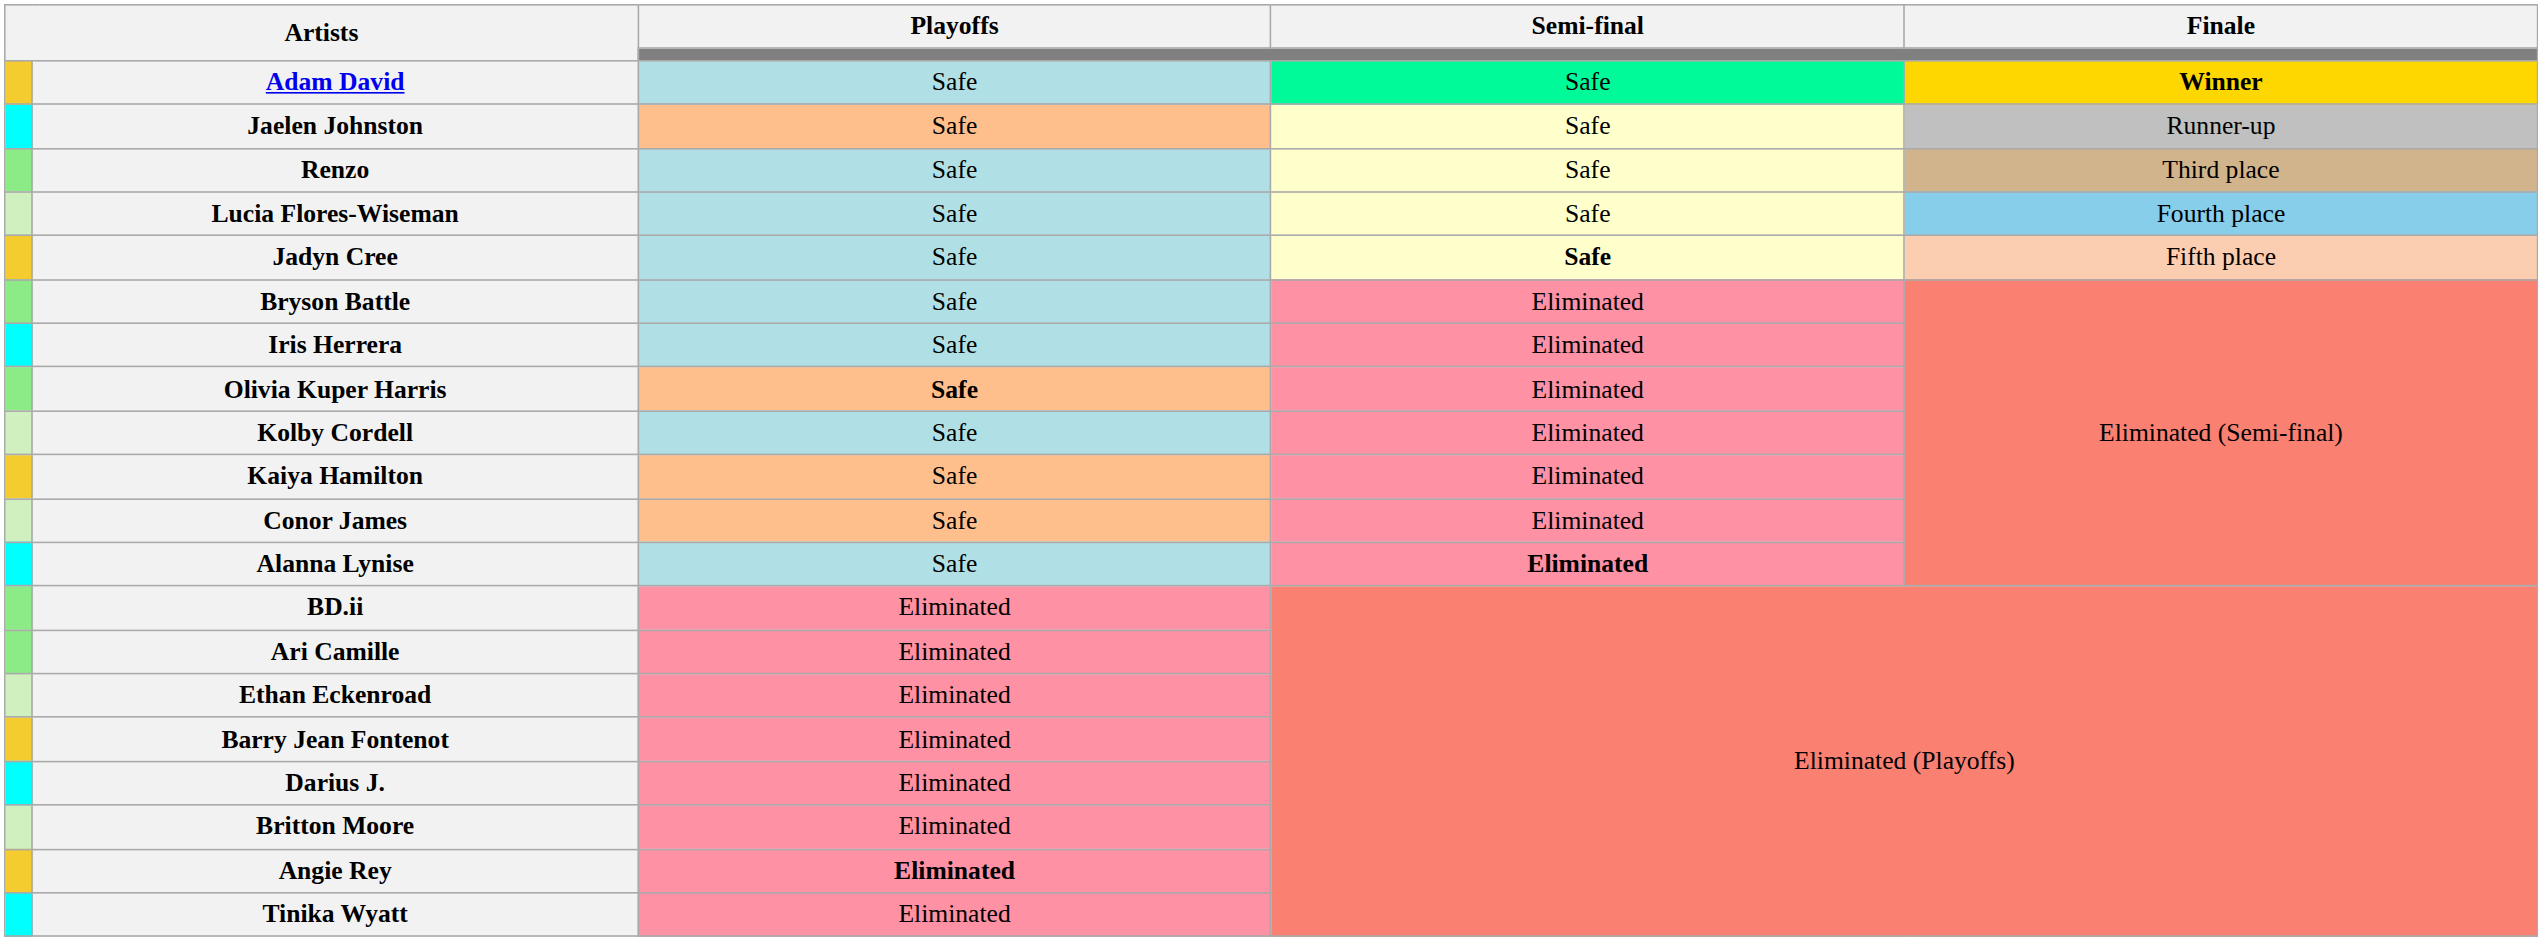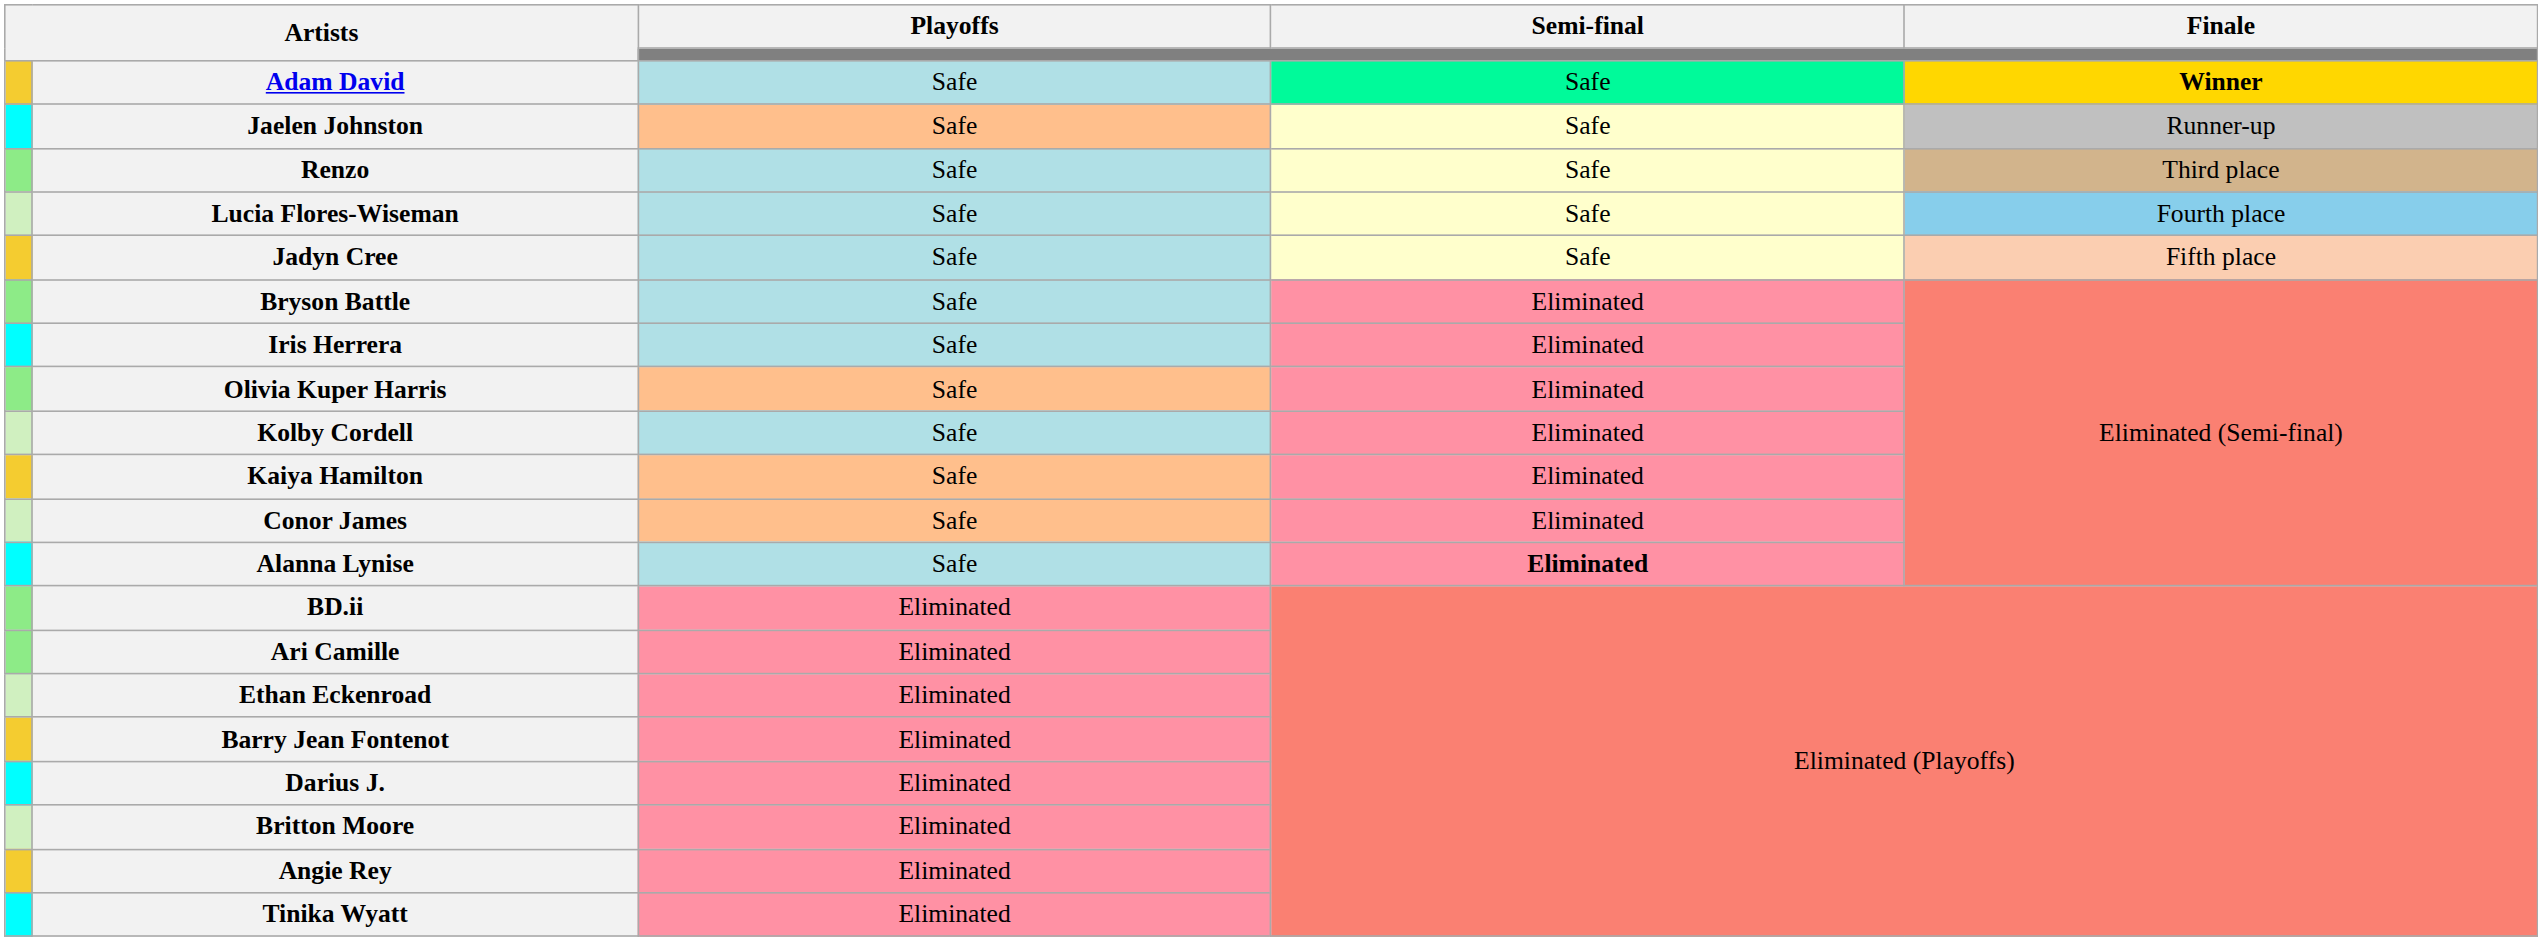 <table class="wikitable" style="text-align:center; line-height:20px; width:100%">
 <tr>
 <th colspan="2" rowspan="2" width="20%">Artists</th>
 <th style="width:20%">Playoffs</th>
 <th style="width:20%">Semi-final</th>
 <th style="width:20%">Finale</th>
 </tr>
 <tr>
 <th colspan="5" style="background:gray"></th>
 </tr>
 <tr>
 <th style="background:#F4CC30"></th>
 <th scope="row"><a href='#'>Adam David</a></th>
 <td style="background:#b0e0e6">Safe</td>
 <td style="background:#00FA9A">Safe</td>
 <td style="background:gold"><strong>Winner</strong></td>
 </tr>
 <tr>
 <th style="background:#00FFFF"></th>
 <th scope="row">Jaelen Johnston</th>
 <td style="background:#FFBF8C">Safe</td>
 <td style="background:#FFFFCC">Safe</td>
 <td style="background:silver">Runner-up</td>
 </tr>
 <tr>
 <th style="background:#8deb87"></th>
 <th scope="row">Renzo</th>
 <td style="background:#b0e0e6">Safe</td>
 <td style="background:#FFFFCC">Safe</td>
 <td style="background:tan">Third place</td>
 </tr>
 <tr>
 <th style="background:#d0f0c0"></th>
 <th scope="row">Lucia Flores-Wiseman</th>
 <td style="background:#b0e0e6">Safe</td>
 <td style="background:#FFFFCC">Safe</td>
 <td style="background:skyblue">Fourth place</td>
 </tr>
 <tr>
 <th style="background:#F4CC30"></th>
 <th scope="row">Jadyn Cree</th>
 <td style="background:#b0e0e6">Safe</td>
-<td style="background:#FFFFCC"><strong>Safe</strong></td>
+<td style="background:#FFFFCC">Safe</td>
 <td style="background:#fbceb1">Fifth place</td>
 </tr>
 <tr>
 <th style="background:#8deb87"></th>
 <th scope="row">Bryson Battle</th>
 <td style="background:#b0e0e6">Safe</td>
 <td style="background:#FF91A4">Eliminated</td>
 <td rowspan="7" style="background:salmon">Eliminated (Semi-final)</td>
 </tr>
 <tr>
 <th style="background:#00FFFF"></th>
 <th scope="row">Iris Herrera</th>
 <td style="background:#b0e0e6">Safe</td>
 <td style="background:#FF91A4">Eliminated</td>
 </tr>
 <tr>
 <th style="background:#8deb87"></th>
 <th scope="row">Olivia Kuper Harris</th>
-<td style="background:#FFBF8C"><strong>Safe</strong></td>
+<td style="background:#FFBF8C">Safe</td>
 <td style="background:#FF91A4">Eliminated</td>
 </tr>
 <tr>
 <th style="background:#d0f0c0"></th>
 <th scope="row">Kolby Cordell</th>
 <td style="background:#b0e0e6">Safe</td>
 <td style="background:#FF91A4">Eliminated</td>
 </tr>
 <tr>
 <th style="background:#F4CC30"></th>
 <th scope="row">Kaiya Hamilton</th>
 <td style="background:#FFBF8C">Safe</td>
 <td style="background:#FF91A4">Eliminated</td>
 </tr>
 <tr>
 <th style="background:#d0f0c0"></th>
 <th scope="row">Conor James</th>
 <td style="background:#FFBF8C">Safe</td>
 <td style="background:#FF91A4">Eliminated</td>
 </tr>
 <tr>
 <th style="background:#00FFFF"></th>
 <th scope="row">Alanna Lynise</th>
 <td style="background:#b0e0e6">Safe</td>
 <td style="background:#FF91A4"><strong>Eliminated</strong></td>
 </tr>
 <tr>
 <th style="background:#8deb87"></th>
 <th scope="row">BD.ii</th>
 <td style="background:#FF91A4">Eliminated</td>
 <td colspan="2" rowspan="8" style="background:salmon">Eliminated (Playoffs)</td>
 </tr>
 <tr>
 <th style="background:#8deb87"></th>
 <th scope="row">Ari Camille</th>
 <td style="background:#FF91A4">Eliminated</td>
 </tr>
 <tr>
 <th style="background:#d0f0c0"></th>
 <th scope="row">Ethan Eckenroad</th>
 <td style="background:#FF91A4">Eliminated</td>
 </tr>
 <tr>
 <th style="background:#F4CC30"></th>
 <th scope="row">Barry Jean Fontenot</th>
 <td style="background:#FF91A4">Eliminated</td>
 </tr>
 <tr>
 <th style="background:#00FFFF"></th>
 <th scope="row">Darius J.</th>
 <td style="background:#FF91A4">Eliminated</td>
 </tr>
 <tr>
 <th style="background:#d0f0c0"></th>
 <th scope="row">Britton Moore</th>
 <td style="background:#FF91A4">Eliminated</td>
 </tr>
 <tr>
 <th style="background:#F4CC30"></th>
 <th scope="row">Angie Rey</th>
-<td style="background:#FF91A4"><strong>Eliminated</strong></td>
+<td style="background:#FF91A4">Eliminated</td>
 </tr>
 <tr>
 <th style="background:#00FFFF"></th>
 <th scope="row">Tinika Wyatt</th>
 <td style="background:#FF91A4">Eliminated</td>
 </tr>
 </table>
